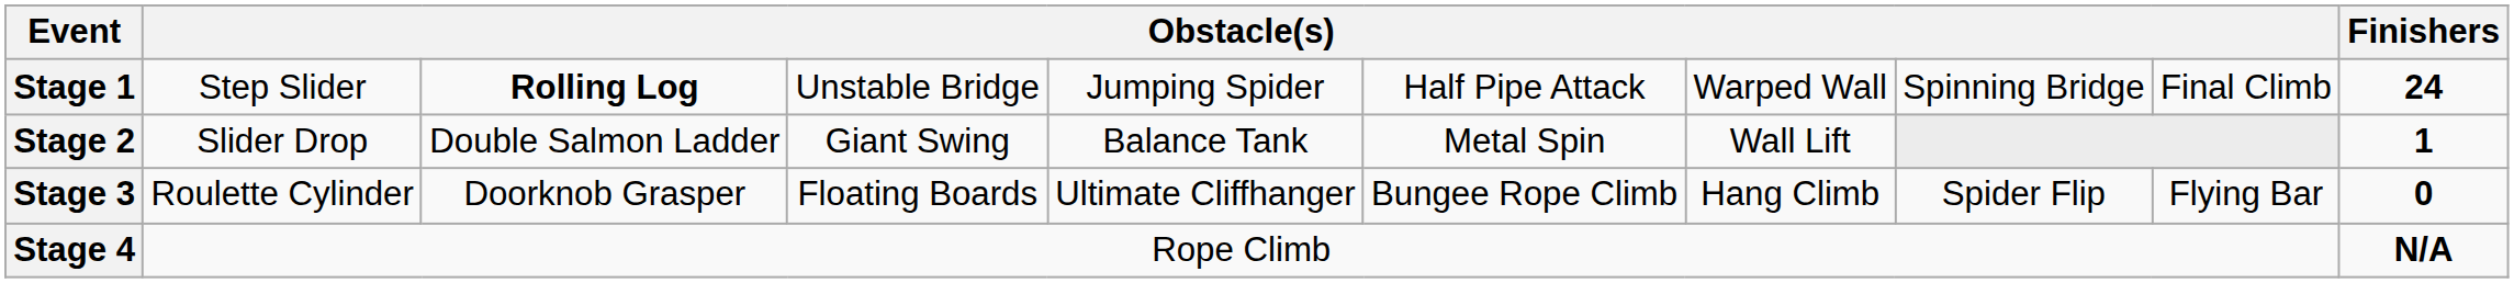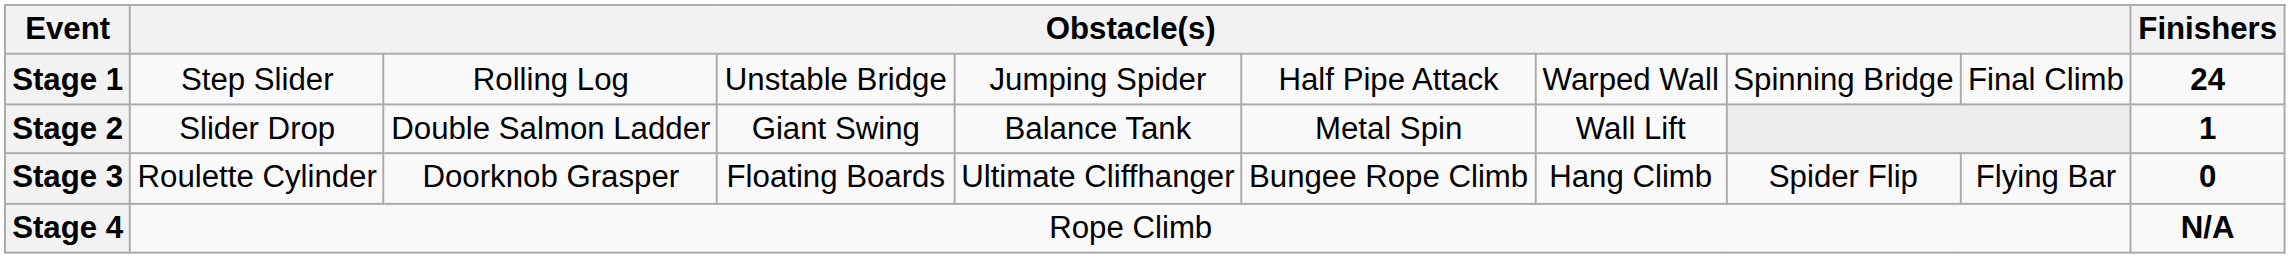 <table class="wikitable" style="text-align:center;">
 <tr>
 <th colspan="1">Event</th>
 <th colspan="8">Obstacle(s)</th>
 <th>Finishers</th>
 </tr>
 <tr>
 <th>Stage 1</th>
 <td>Step Slider</td>
-<td><strong>Rolling Log</strong></td>
+<td>Rolling Log</td>
 <td>Unstable Bridge</td>
 <td>Jumping Spider</td>
 <td>Half Pipe Attack</td>
 <td>Warped Wall</td>
 <td>Spinning Bridge</td>
 <td>Final Climb</td>
 <td><strong>24</strong></td>
 </tr>
 <tr>
 <th>Stage 2</th>
 <td>Slider Drop</td>
 <td>Double Salmon Ladder</td>
 <td>Giant Swing</td>
 <td>Balance Tank</td>
 <td>Metal Spin</td>
 <td>Wall Lift</td>
 <td colspan="2" style="background:#ECECEC;"></td>
 <td><strong>1</strong></td>
 </tr>
 <tr>
 <th>Stage 3</th>
 <td>Roulette Cylinder</td>
 <td>Doorknob Grasper</td>
 <td>Floating Boards</td>
 <td>Ultimate Cliffhanger</td>
 <td>Bungee Rope Climb</td>
 <td>Hang Climb</td>
 <td>Spider Flip</td>
 <td>Flying Bar</td>
 <td><strong>0</strong></td>
 </tr>
 <tr>
 <th>Stage 4</th>
 <td colspan="8">Rope Climb</td>
 <td><strong>N/A</strong></td>
 </tr>
 </table>
